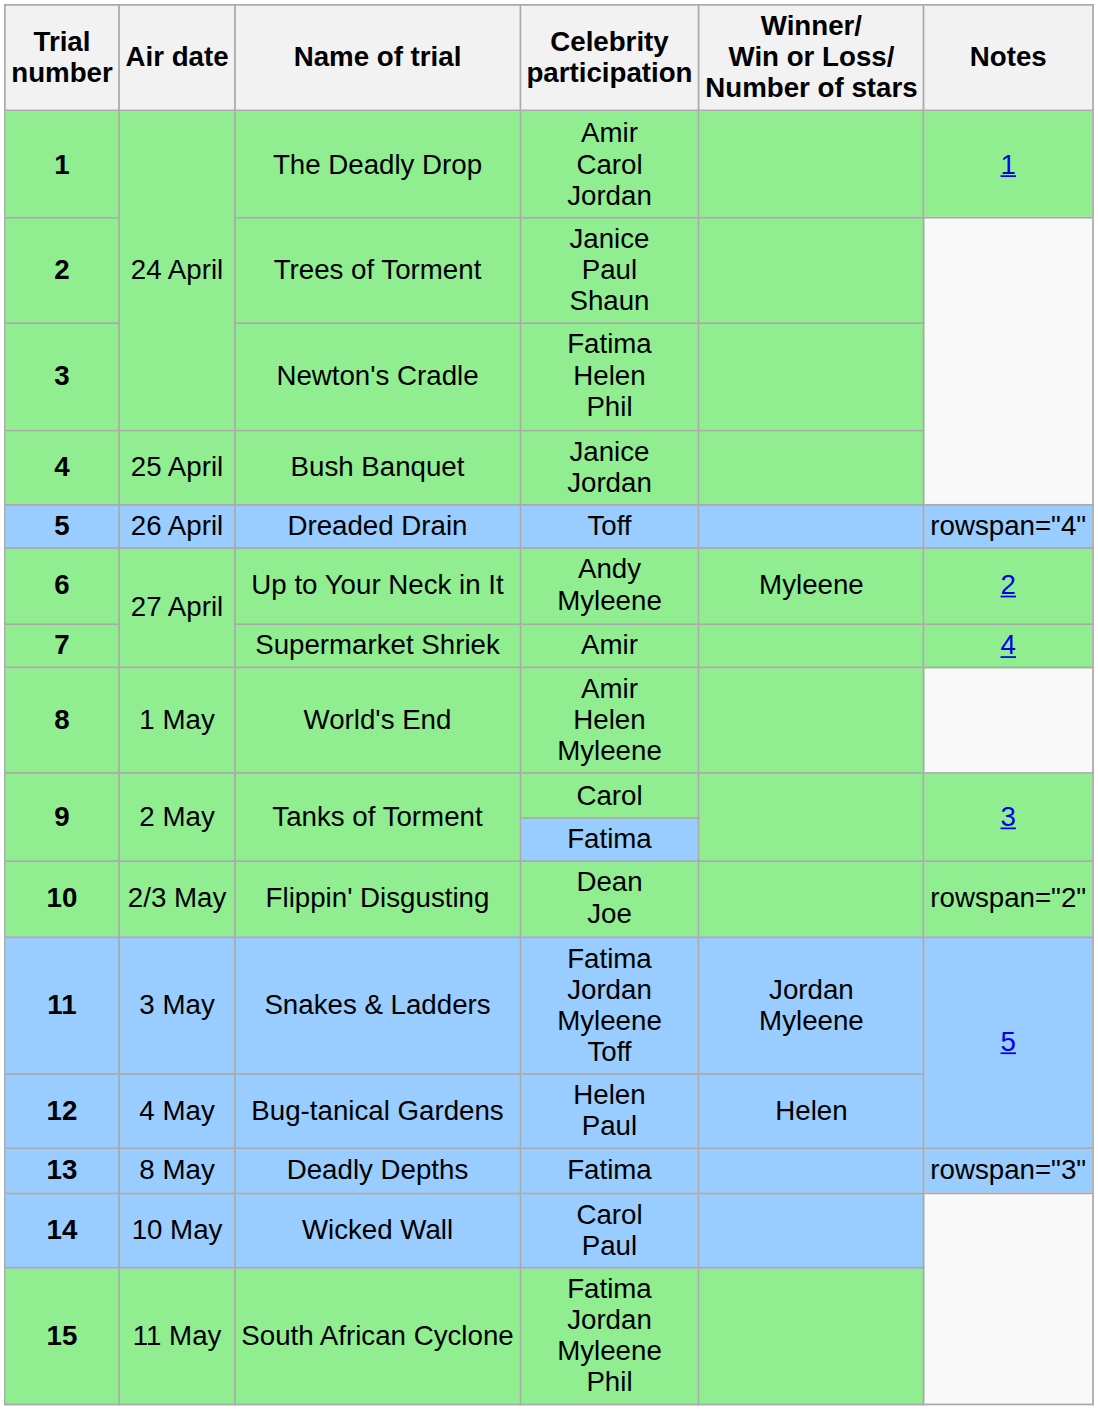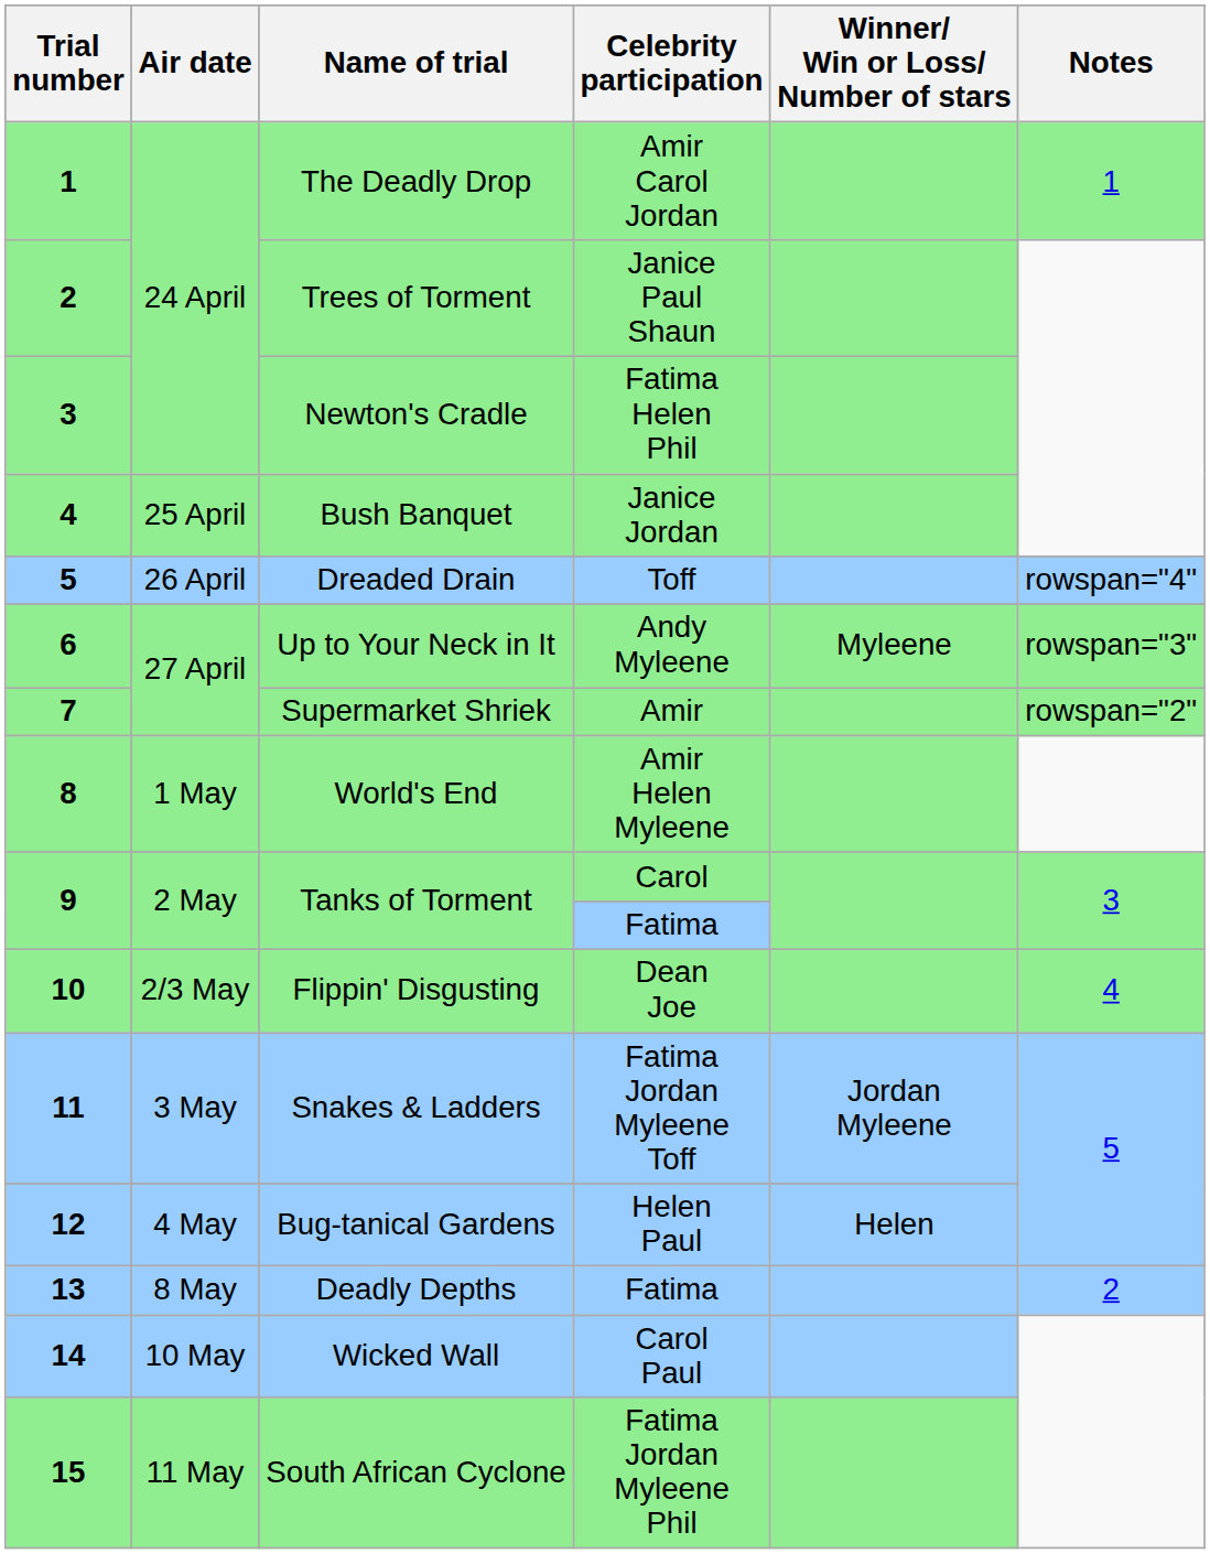 <table class=wikitable style="text-align:center">
 <tr>
 <th scope="col">Trial<br>number</th>
 <th scope="col">Air date</th>
 <th scope="col">Name of trial</th>
 <th scope="col">Celebrity<br>participation</th>
 <th scope="col">Winner/<br>Win or Loss/<br>Number of stars</th>
 <th scope="col">Notes</th>
 </tr>
 <tr style="background:lightgreen;">
 <td><strong>1</strong></td>
 <td rowspan=3>24 April</td>
 <td>The Deadly Drop</td>
 <td>Amir<br> Carol <br>Jordan</td>
 <td></td>
 <td><a href='#'>1</a></td>
 </tr>
 <tr style="background:lightgreen;">
 <td><strong>2</strong></td>
 <td>Trees of Torment</td>
 <td>Janice<br> Paul<br> Shaun</td>
 <td></td>
 </tr>
 <tr style="background:lightgreen;">
 <td><strong>3</strong></td>
 <td>Newton's Cradle</td>
 <td>Fatima<br> Helen<br> Phil</td>
 <td></td>
 </tr>
 <tr style="background:lightgreen;">
 <td><strong>4</strong></td>
 <td>25 April</td>
 <td>Bush Banquet</td>
 <td>Janice<br>Jordan</td>
 <td></td>
 </tr>
 <tr style="background:#99CCFF;">
 <td><strong>5</strong></td>
 <td>26 April</td>
 <td>Dreaded Drain</td>
 <td>Toff</td>
 <td></td>
 <td>rowspan="4" </td>
 </tr>
 <tr style="background:lightgreen;">
 <td><strong>6</strong></td>
 <td rowspan=2>27 April</td>
 <td>Up to Your Neck in It</td>
 <td>Andy<br>Myleene</td>
 <td>Myleene</td>
-<td><a href='#'>2</a></td>
+<td>rowspan="3" </td>
 </tr>
 <tr style="background:lightgreen;">
 <td><strong>7</strong></td>
 <td>Supermarket Shriek</td>
 <td>Amir</td>
 <td></td>
-<td><a href='#'>4</a></td>
+<td>rowspan="2" </td>
 </tr>
 <tr style="background:lightgreen;">
 <td><strong>8</strong></td>
 <td>1 May</td>
 <td>World's End</td>
 <td>Amir<br>Helen<br>Myleene</td>
 <td></td>
 </tr>
 <tr style="background:lightgreen;">
 <td rowspan="2"><strong>9</strong></td>
 <td rowspan="2">2 May</td>
 <td rowspan="2">Tanks of Torment</td>
 <td>Carol</td>
 <td rowspan="2"></td>
 <td rowspan="2"><a href='#'>3</a></td>
 </tr>
 <tr style="background:#99CCFF;">
 <td>Fatima</td>
 </tr>
 <tr style="background:lightgreen;">
 <td><strong>10</strong></td>
 <td>2/3 May</td>
 <td>Flippin' Disgusting</td>
 <td>Dean<br>Joe</td>
 <td></td>
-<td>rowspan="2" </td>
+<td><a href='#'>4</a></td>
 </tr>
 <tr style="background:#99CCFF;">
 <td><strong>11</strong></td>
 <td>3 May</td>
 <td>Snakes & Ladders</td>
 <td>Fatima<br>Jordan<br>Myleene<br>Toff</td>
 <td>Jordan<br>Myleene</td>
 <td rowspan="2"><a href='#'>5</a></td>
 </tr>
 <tr style="background:#99CCFF;">
 <td><strong>12</strong></td>
 <td>4 May</td>
 <td>Bug-tanical Gardens</td>
 <td>Helen<br>Paul</td>
 <td>Helen</td>
 </tr>
 <tr style="background:#99CCFF;">
 <td><strong>13</strong></td>
 <td>8 May</td>
 <td>Deadly Depths</td>
 <td>Fatima</td>
 <td></td>
-<td>rowspan="3" </td>
+<td><a href='#'>2</a></td>
 </tr>
 <tr style="background:#99CCFF;">
 <td><strong>14</strong></td>
 <td>10 May</td>
 <td>Wicked Wall</td>
 <td>Carol<br>Paul</td>
 <td></td>
 </tr>
 <tr style="background:lightgreen;">
 <td><strong>15</strong></td>
 <td>11 May</td>
 <td>South African Cyclone</td>
 <td>Fatima<br>Jordan<br>Myleene<br>Phil</td>
 <td></td>
 </tr>
 </table>
